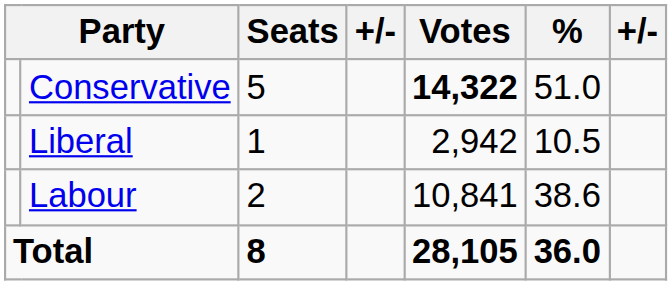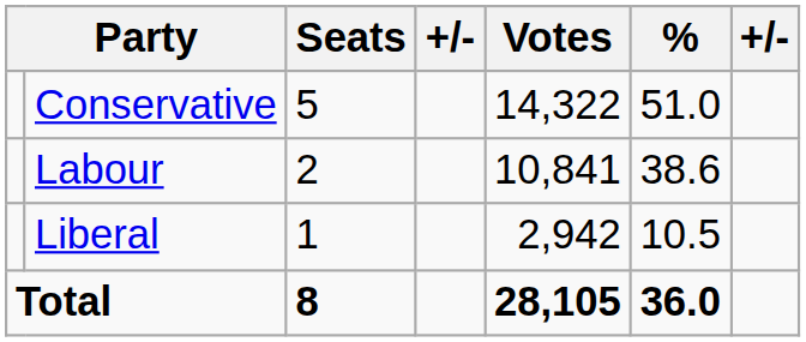 <table class="wikitable sortable">
 <tr>
 <th colspan="2">Party</th>
 <th>Seats</th>
 <th>+/-</th>
 <th>Votes</th>
 <th>%</th>
 <th>+/-</th>
 </tr>
 <tr>
 <td style="background-color: "></td>
 <td><a href='#'>Conservative</a></td>
 <td>5</td>
 <td></td>
-<td style="text-align:right;"><strong>14,322</strong></td>
+<td style="text-align:right;">14,322</td>
 <td style="text-align:right;">51.0</td>
+<td style="text-align:right;"></td>
+</tr>
+<tr>
+<td style="background-color: "></td>
+<td><a href='#'>Labour</a></td>
+<td>2</td>
+<td></td>
+<td style="text-align:right;">10,841</td>
+<td style="text-align:right;">38.6</td>
 <td style="text-align:right;"></td>
 </tr>
 <tr>
 <td style="background-color: "></td>
 <td><a href='#'>Liberal</a></td>
 <td>1</td>
 <td></td>
 <td style="text-align:right;">2,942</td>
 <td style="text-align:right;">10.5</td>
 <td style="text-align:right;"></td>
 </tr>
 <tr>
-<td style="background-color: "></td>
-<td><a href='#'>Labour</a></td>
-<td>2</td>
-<td></td>
-<td style="text-align:right;">10,841</td>
-<td style="text-align:right;">38.6</td>
-<td style="text-align:right;"></td>
-</tr>
-<tr>
 <td colspan="2"><strong>Total</strong></td>
 <td><strong>8</strong></td>
 <td></td>
 <td style="text-align:right;"><strong>28,105</strong></td>
 <td style="text-align:right;"><strong>36.0</strong></td>
 <td></td>
 </tr>
 </table>
